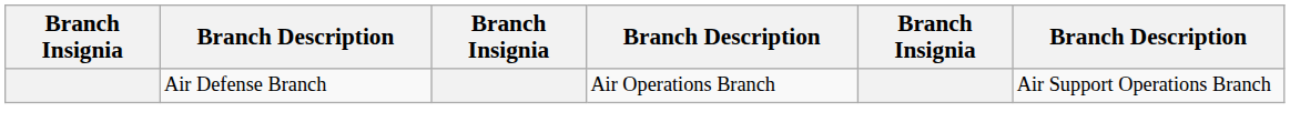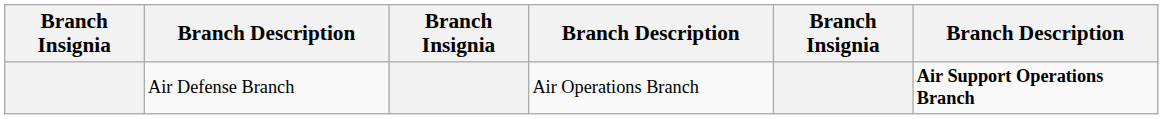 <table class="wikitable">
 <tr>
 <th scope="col" style="width: 150px; align=center;">Branch Insignia</th>
 <th scope="col" style="width: 300px;">Branch Description</th>
 <th scope="col" style="width: 150px;">Branch Insignia</th>
 <th scope="col" style="width: 300px;">Branch Description</th>
 <th scope="col" style="width: 150px;">Branch Insignia</th>
 <th scope="col" style="width: 300px;">Branch Description</th>
 </tr>
 <tr style="font-size: 86%;">
 <th style="text-align: center;"></th>
 <td>Air Defense Branch</td>
 <th style="text-align: center;"></th>
 <td>Air Operations Branch</td>
 <th style="text-align: center;"></th>
-<td>Air Support Operations Branch</td>
+<td><strong>Air Support Operations Branch</strong></td>
 </tr>
 </table>
